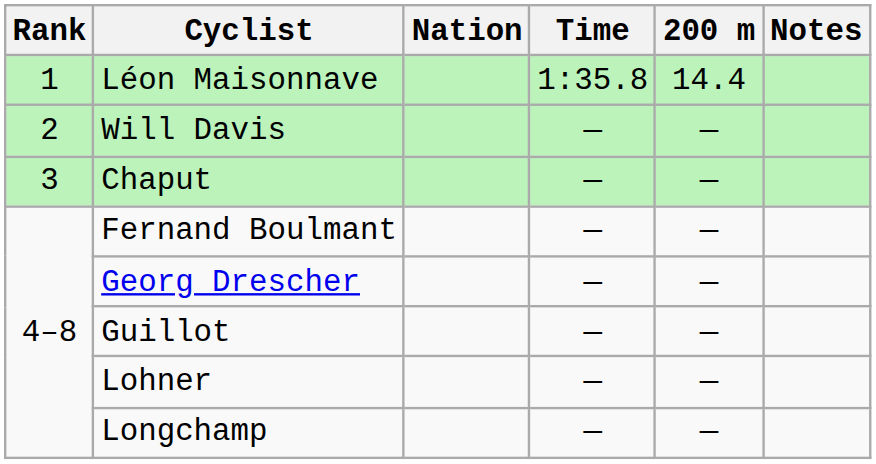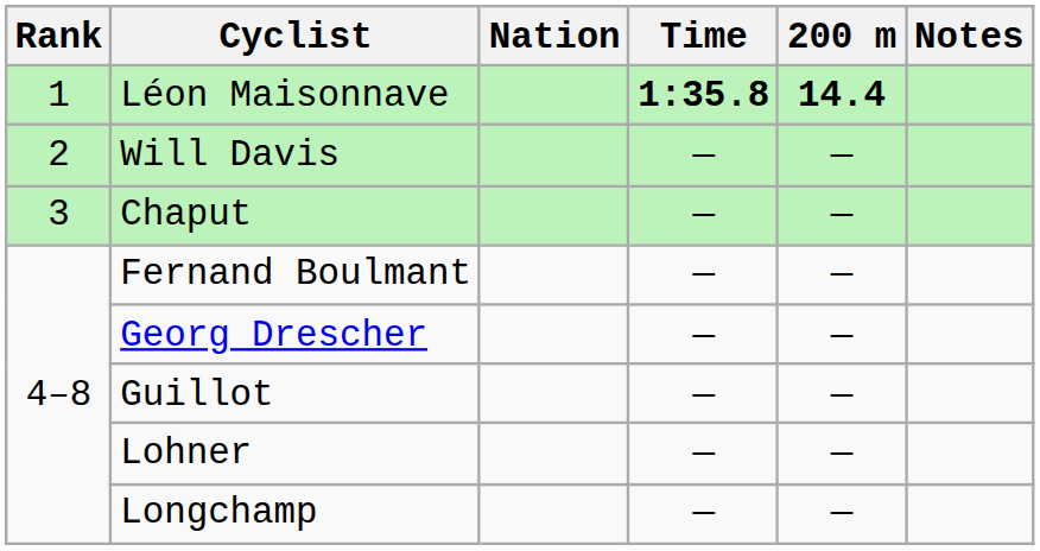 <table class="wikitable sortable" style="text-align:center">
 <tr>
 <th>Rank</th>
 <th>Cyclist</th>
 <th>Nation</th>
 <th>Time</th>
 <th>200 m</th>
 <th>Notes</th>
 </tr>
 <tr bgcolor=bbf3bb>
 <td>1</td>
 <td align=left>Léon Maisonnave</td>
 <td align=left></td>
-<td>1:35.8</td>
-<td>14.4</td>
+<td><strong>1:35.8</strong></td>
+<td><strong>14.4</strong></td>
 <td></td>
 </tr>
 <tr bgcolor=bbf3bb>
 <td>2</td>
 <td align=left>Will Davis</td>
 <td align=left></td>
 <td data-sort-value=9:99.9>—</td>
 <td data-sort-value=99.9>—</td>
 <td></td>
 </tr>
 <tr bgcolor=bbf3bb>
 <td>3</td>
 <td align=left>Chaput</td>
 <td align=left></td>
 <td data-sort-value=9:99.9>—</td>
 <td data-sort-value=99.9>—</td>
 <td></td>
 </tr>
 <tr>
 <td rowspan=5>4–8</td>
 <td align=left>Fernand Boulmant</td>
 <td align=left></td>
 <td data-sort-value=9:99.9>—</td>
 <td data-sort-value=99.9>—</td>
 <td></td>
 </tr>
 <tr>
 <td align=left><a href='#'>Georg Drescher</a></td>
 <td align=left></td>
 <td data-sort-value=9:99.9>—</td>
 <td data-sort-value=99.9>—</td>
 <td></td>
 </tr>
 <tr>
 <td align=left>Guillot</td>
 <td align=left></td>
 <td data-sort-value=9:99.9>—</td>
 <td data-sort-value=99.9>—</td>
 <td></td>
 </tr>
 <tr>
 <td align=left>Lohner</td>
 <td align=left></td>
 <td data-sort-value=9:99.9>—</td>
 <td data-sort-value=99.9>—</td>
 <td></td>
 </tr>
 <tr>
 <td align=left>Longchamp</td>
 <td align=left></td>
 <td data-sort-value=9:99.9>—</td>
 <td data-sort-value=99.9>—</td>
 <td></td>
 </tr>
 </table>
